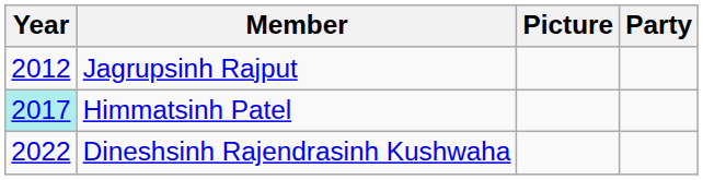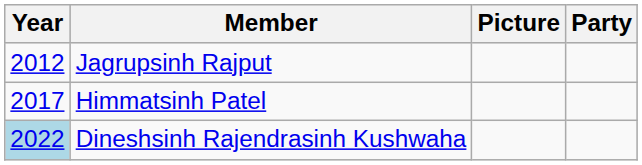 <table class="wikitable sortable">
 <tr>
 <th>Year</th>
 <th>Member</th>
 <th>Picture</th>
 <th colspan="2">Party</th>
 </tr>
 <tr>
 <td><a href='#'>2012</a></td>
 <td><a href='#'>Jagrupsinh Rajput</a></td>
 <td></td>
 <td></td>
 </tr>
 <tr>
-<td style="background: paleturquoise;"><a href='#'>2017</a></td>
+<td><a href='#'>2017</a></td>
 <td><a href='#'>Himmatsinh Patel</a></td>
 <td></td>
 <td></td>
 </tr>
 <tr>
-<td><a href='#'>2022</a></td>
+<td style="background: lightblue;"><a href='#'>2022</a></td>
 <td><a href='#'>Dineshsinh Rajendrasinh Kushwaha</a></td>
 <td></td>
 <td></td>
 </tr>
 </table>
